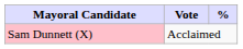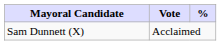 <table class="wikitable">
 <tr>
 <th style="background:#ddf; width:200px;">Mayoral Candidate </th>
 <th style="background:#ddf; width:50px;">Vote</th>
 <th style="background:#ddf; width:30px;">%</th>
 </tr>
 <tr>
-<td style="background: pink;">Sam Dunnett (X)</td>
+<td>Sam Dunnett (X)</td>
 <td colspan="2">Acclaimed</td>
 </tr>
 </table>
